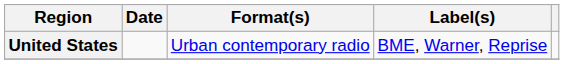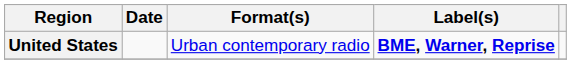 <table class="wikitable plainrowheaders" style="text-align:left">
 <tr>
 <th scope="col">Region</th>
 <th scope="col">Date</th>
 <th scope="col">Format(s)</th>
 <th scope="col">Label(s)</th>
 <th scope="col"></th>
 </tr>
 <tr>
 <th scope="row">United States</th>
 <td></td>
 <td><a href='#'>Urban contemporary radio</a></td>
-<td><a href='#'>BME</a>, <a href='#'>Warner</a>, <a href='#'>Reprise</a></td>
+<td><strong><a href='#'>BME</a>, <a href='#'>Warner</a>, <a href='#'>Reprise</a></strong></td>
 <td></td>
 </tr>
 <tr>
 </tr>
 </table>
